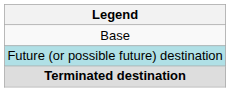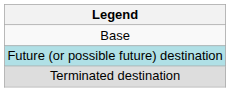 <table class="wikitable">
 <tr>
 <th>Legend</th>
 </tr>
 <tr>
 <td align="center">Base</td>
 </tr>
 <tr style="background:#B0E0E6">
 <td align="center">Future (or possible future) destination</td>
 </tr>
 <tr style="background:#DDDDDD">
-<td align="center"><strong>Terminated destination</strong></td>
+<td align="center">Terminated destination</td>
 </tr>
 </table>
